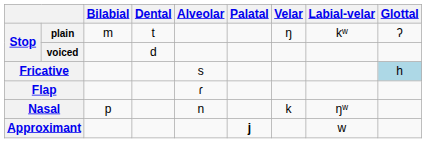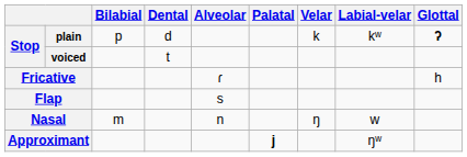 <table class="wikitable">
 <tr>
 <th colspan="2"></th>
 <th><a href='#'>Bilabial</a></th>
 <th><a href='#'>Dental</a></th>
 <th><a href='#'>Alveolar</a></th>
 <th><a href='#'>Palatal</a></th>
 <th><a href='#'>Velar</a></th>
 <th><a href='#'>Labial-velar</a></th>
 <th><a href='#'>Glottal</a></th>
 </tr>
 <tr align="center">
 <th rowspan="2"><a href='#'>Stop</a></th>
 <th><small>plain</small></th>
-<td>m</td>
-<td>t</td>
+<td>p</td>
+<td>d</td>
 <td></td>
 <td></td>
-<td>ŋ</td>
+<td>k</td>
 <td>kʷ</td>
-<td>ʔ</td>
+<td><strong>ʔ</strong></td>
 </tr>
 <tr align="center">
 <th><small>voiced</small></th>
 <td></td>
-<td>d</td>
+<td>t</td>
 <td></td>
 <td></td>
 <td></td>
 <td></td>
 <td></td>
 </tr>
 <tr align="center">
 <th colspan="2"><a href='#'>Fricative</a></th>
 <td></td>
 <td></td>
-<td>s</td>
+<td>ɾ</td>
 <td></td>
 <td></td>
 <td></td>
-<td style="background: lightblue;">h</td>
+<td>h</td>
 </tr>
 <tr align="center">
 <th colspan="2"><a href='#'>Flap</a></th>
 <td></td>
 <td></td>
-<td>ɾ</td>
+<td>s</td>
 <td></td>
 <td></td>
 <td></td>
 <td></td>
 </tr>
 <tr align="center">
 <th colspan="2"><a href='#'>Nasal</a></th>
-<td>p</td>
+<td>m</td>
 <td></td>
 <td>n</td>
 <td></td>
-<td>k</td>
-<td>ŋʷ</td>
+<td>ŋ</td>
+<td>w</td>
 <td></td>
 </tr>
 <tr align="center">
 <th colspan="2"><a href='#'>Approximant</a></th>
 <td></td>
 <td></td>
 <td></td>
 <td><strong>j</strong></td>
 <td></td>
-<td>w</td>
+<td>ŋʷ</td>
 <td></td>
 </tr>
 </table>
